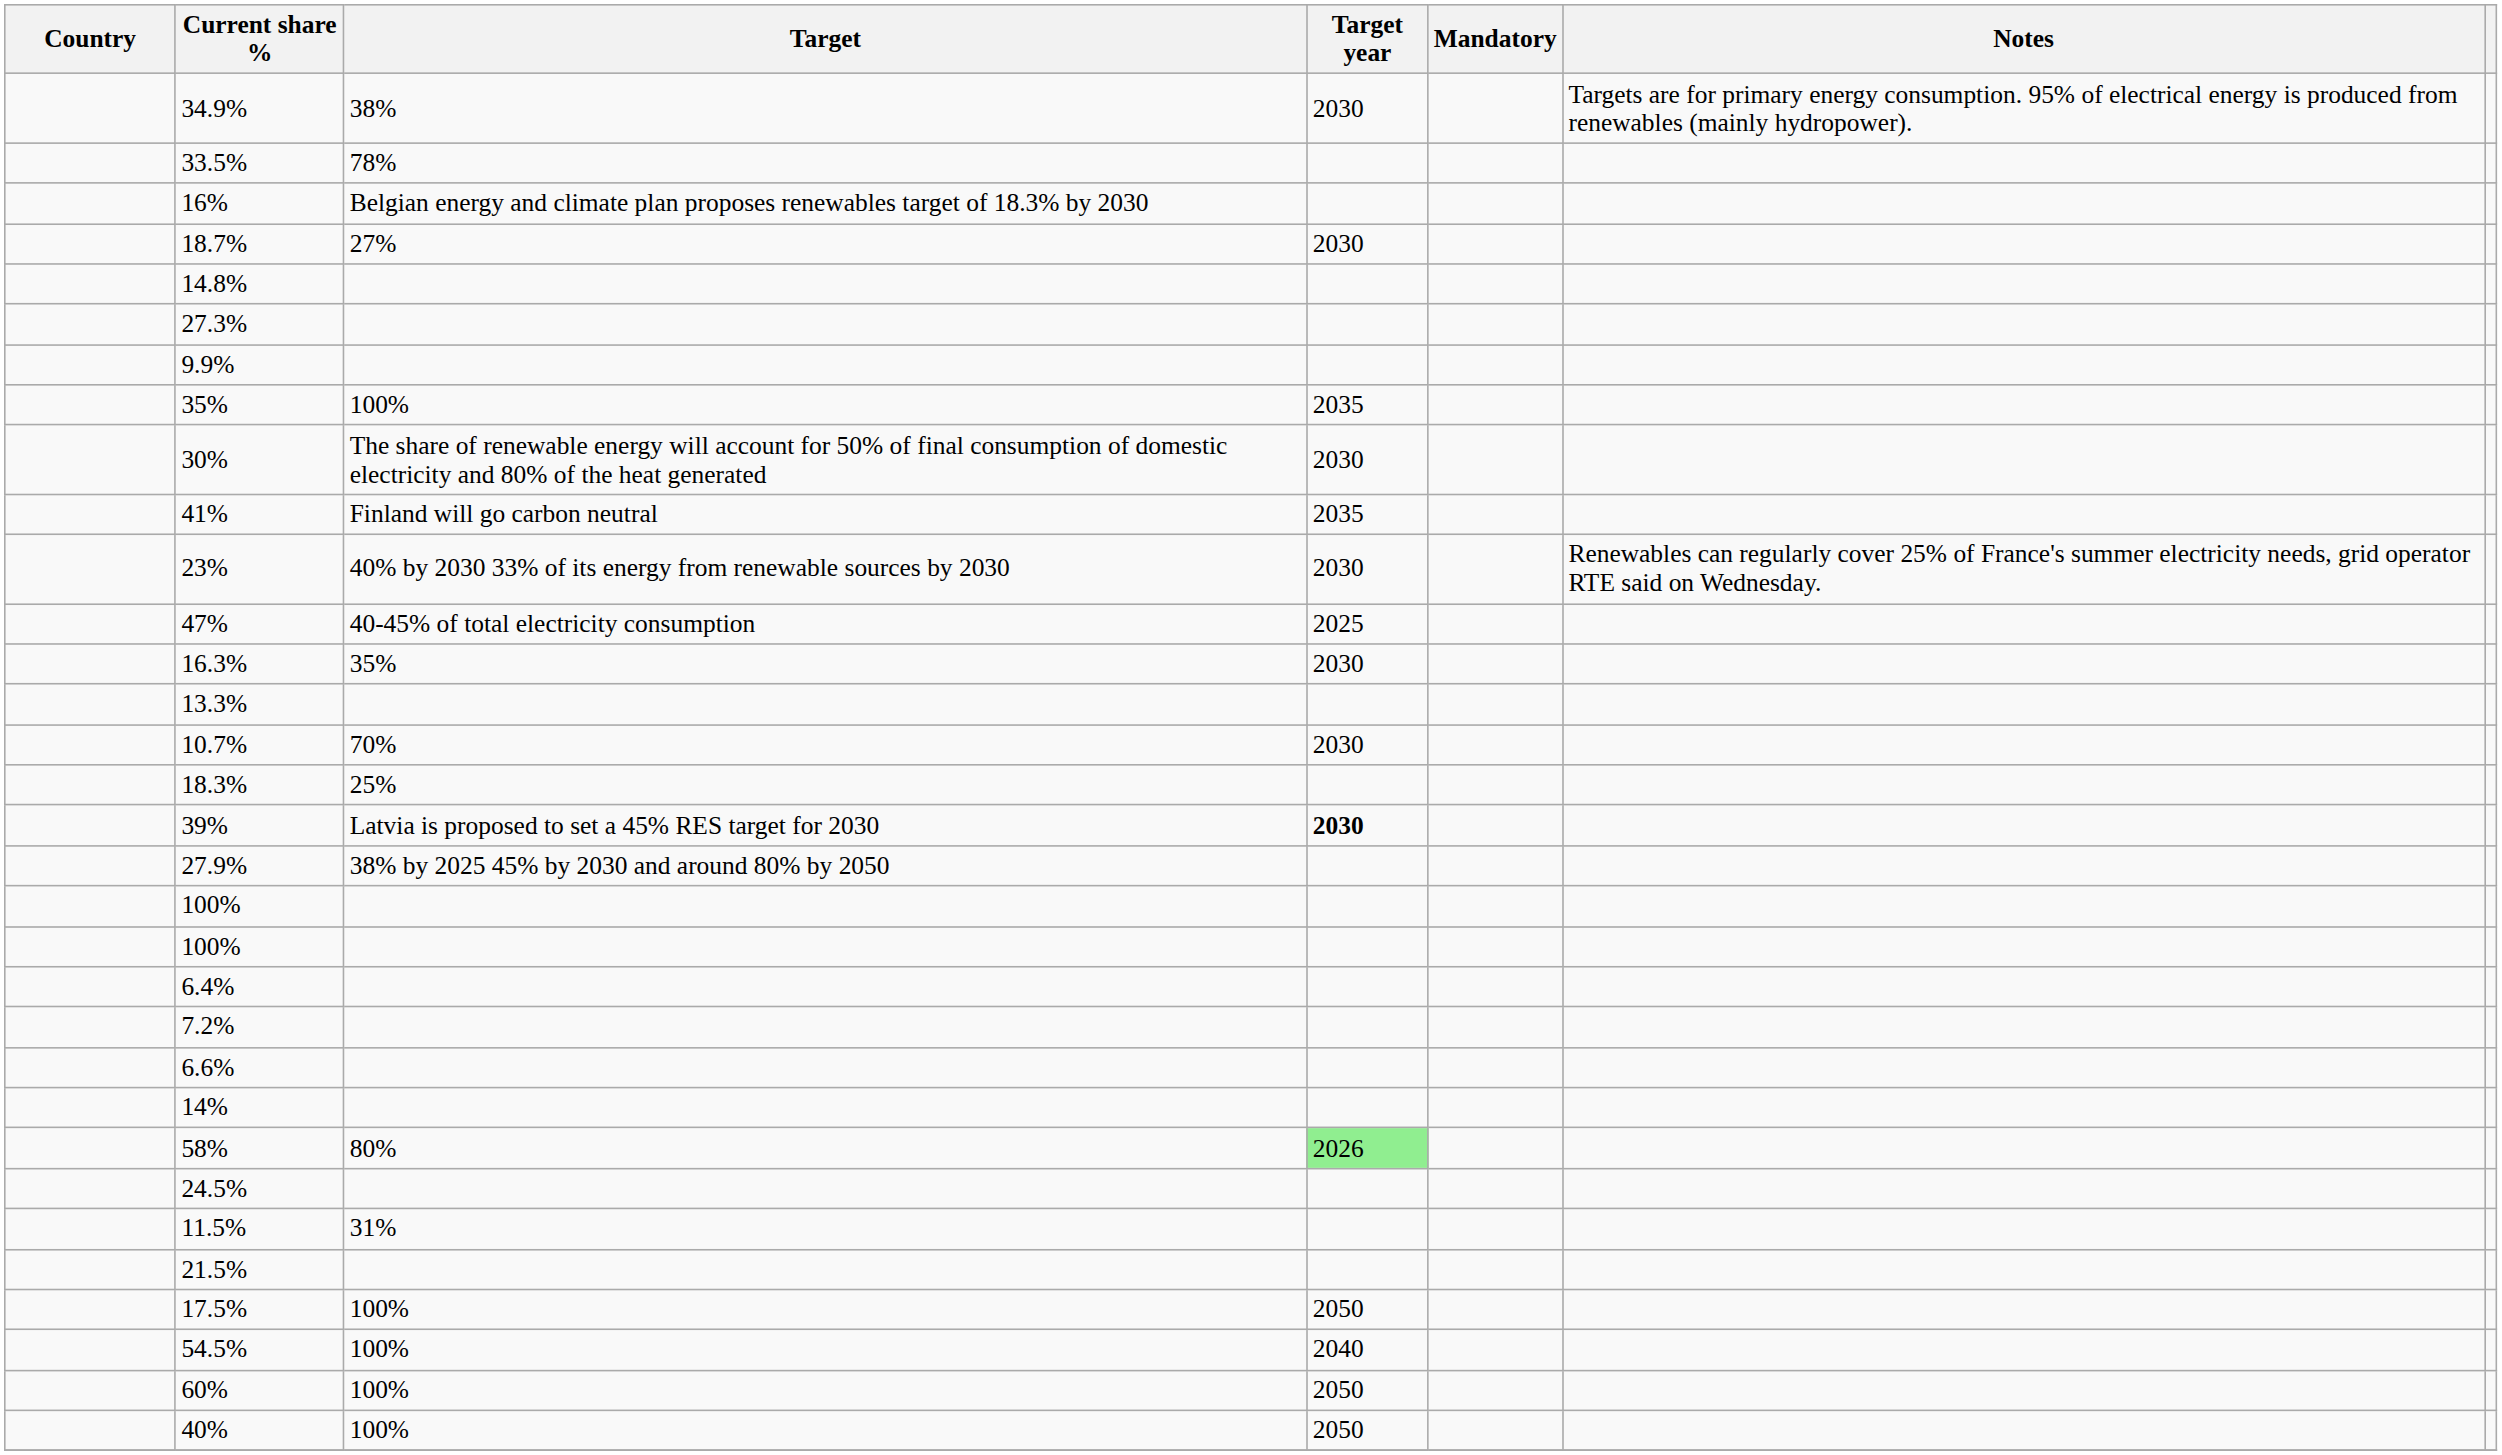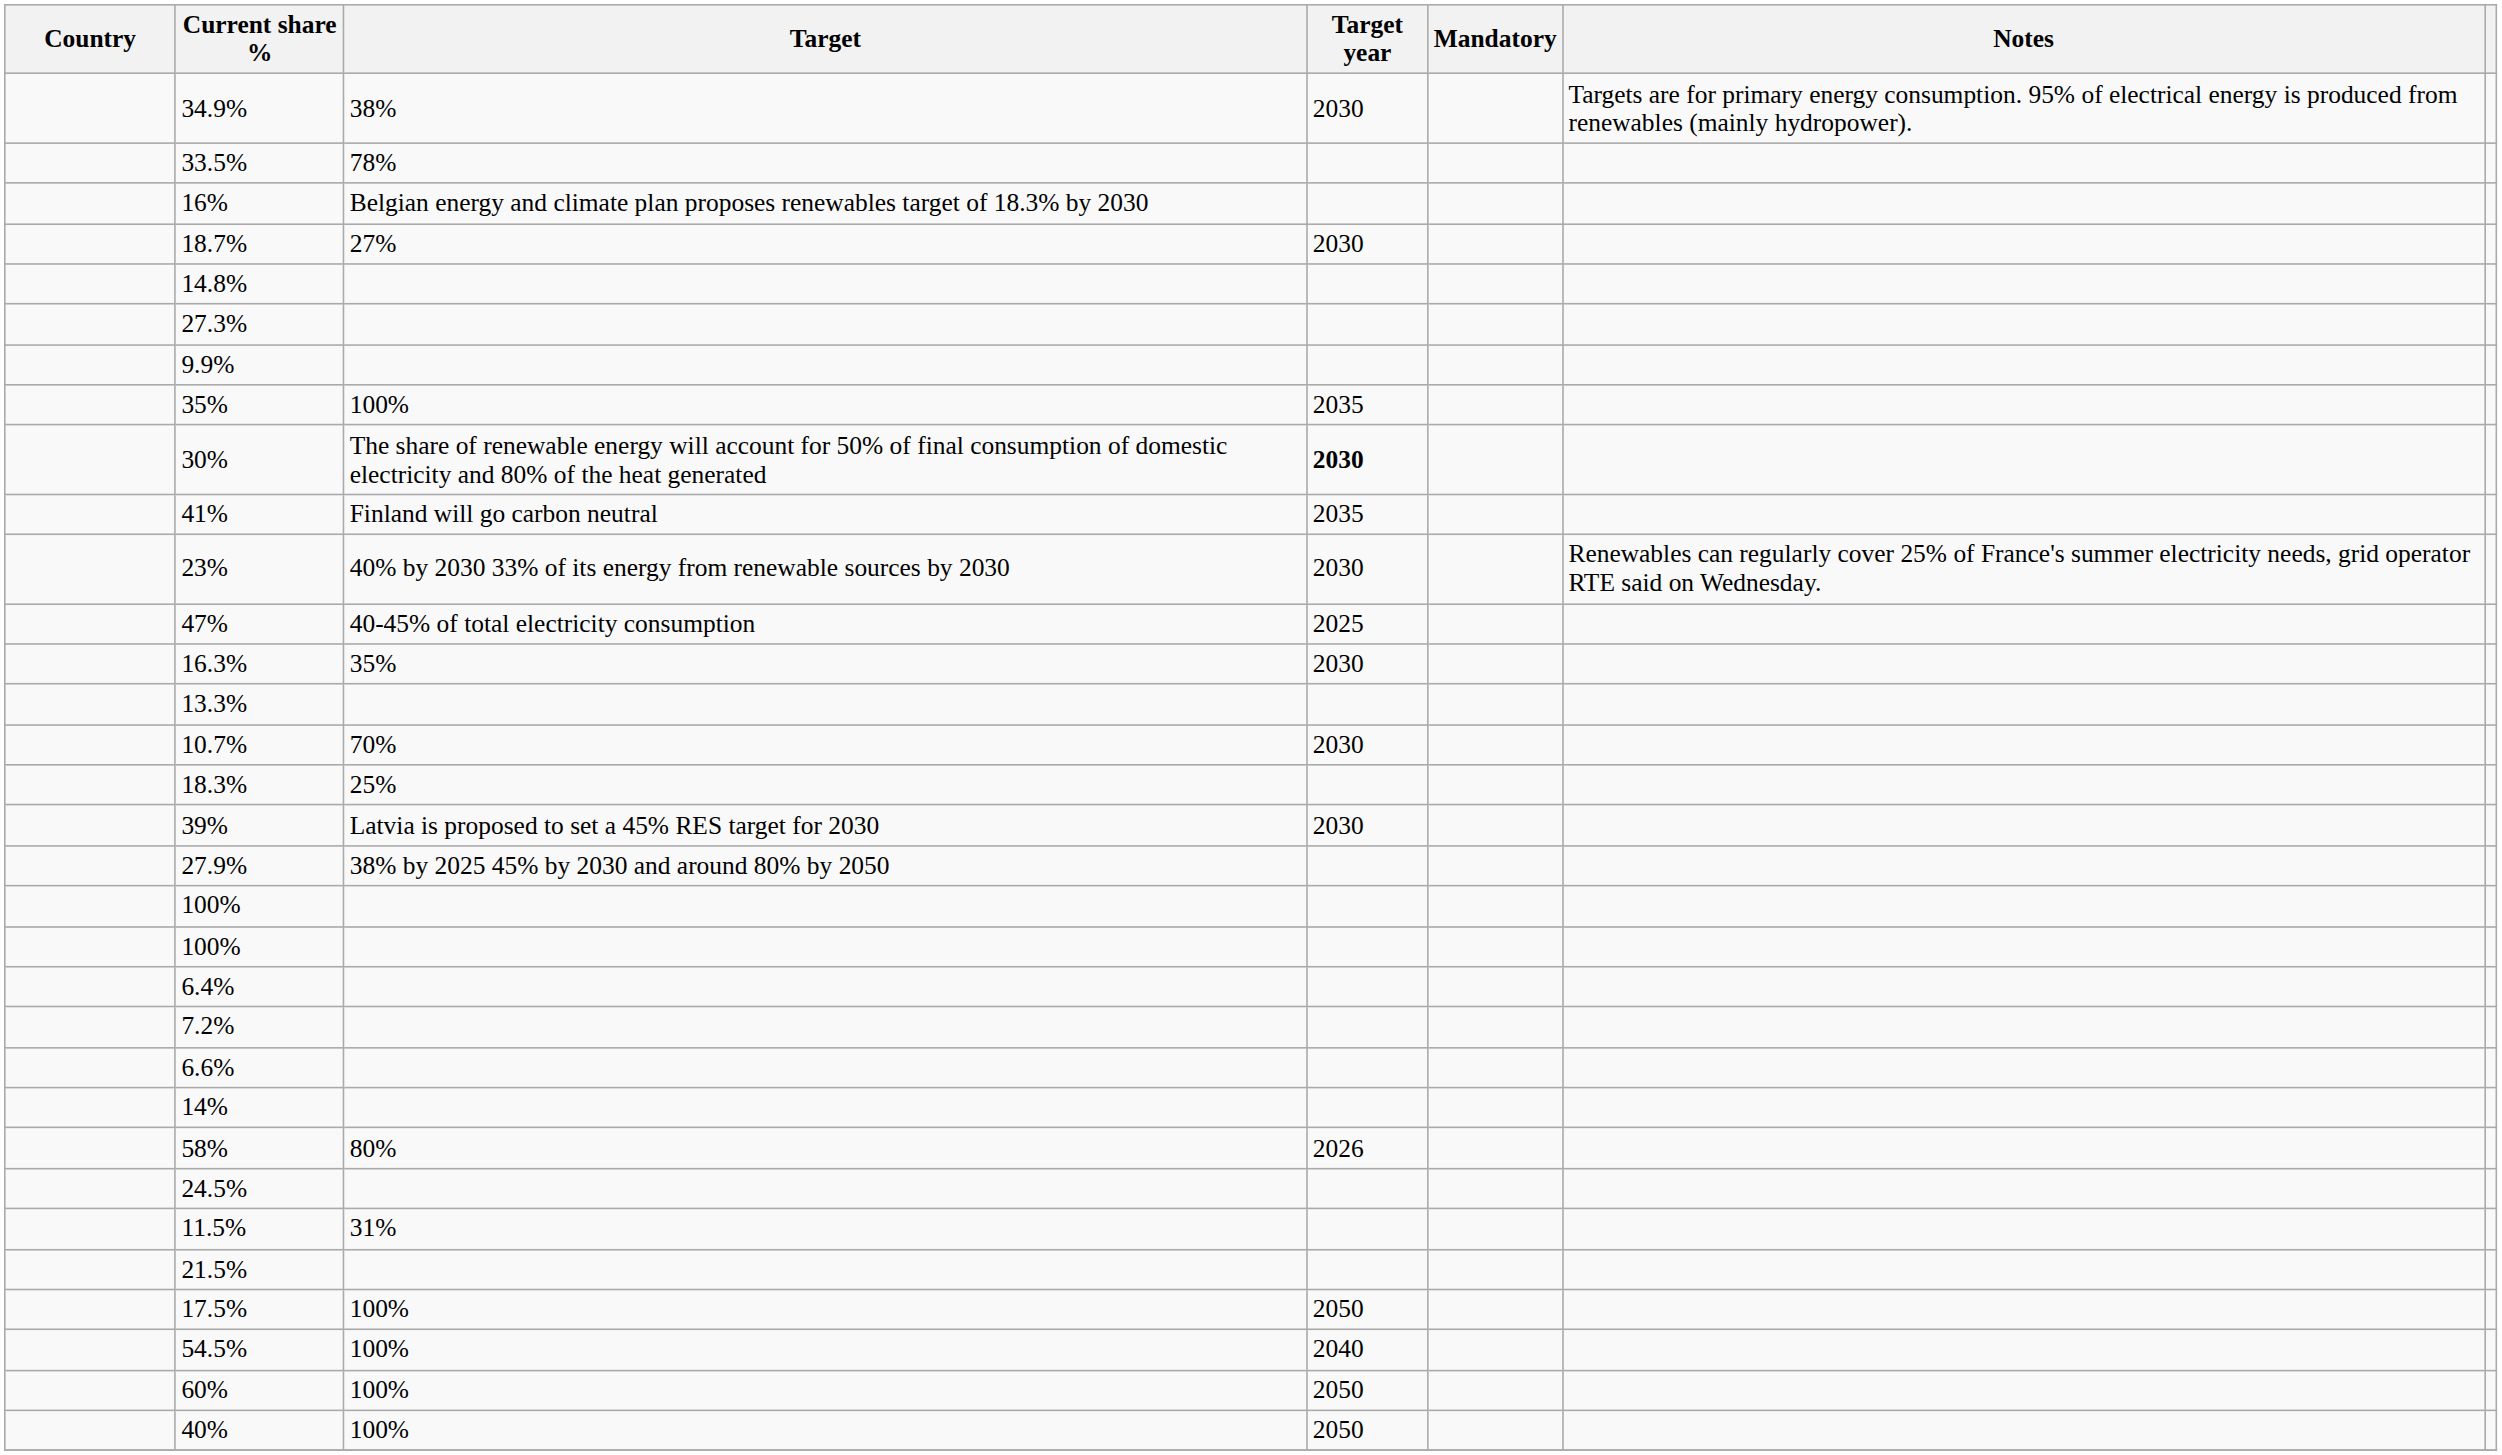 <table class="wikitable sortable">
 <tr>
 <th width="100">Country</th>
 <th>Current share %</th>
 <th>Target</th>
 <th>Target year</th>
 <th>Mandatory</th>
 <th>Notes</th>
 <th></th>
 </tr>
 <tr>
 <td></td>
 <td>34.9%</td>
 <td>38%</td>
 <td>2030</td>
 <td></td>
 <td>Targets are for primary energy consumption. 95% of electrical energy is produced from renewables (mainly hydropower).</td>
 <td></td>
 </tr>
 <tr>
 <td></td>
 <td>33.5%</td>
 <td>78%</td>
 <td></td>
 <td></td>
 <td></td>
 <td></td>
 </tr>
 <tr>
 <td></td>
 <td>16%</td>
 <td>Belgian energy and climate plan proposes renewables target of 18.3% by 2030</td>
 <td></td>
 <td></td>
 <td></td>
 <td></td>
 </tr>
 <tr>
 <td></td>
 <td>18.7%</td>
 <td>27%</td>
 <td>2030</td>
 <td></td>
 <td></td>
 <td></td>
 </tr>
 <tr>
 <td></td>
 <td>14.8%</td>
 <td></td>
 <td></td>
 <td></td>
 <td></td>
 <td></td>
 </tr>
 <tr>
 <td></td>
 <td>27.3%</td>
 <td></td>
 <td></td>
 <td></td>
 <td></td>
 <td></td>
 </tr>
 <tr>
 <td></td>
 <td>9.9%</td>
 <td></td>
 <td></td>
 <td></td>
 <td></td>
 <td></td>
 </tr>
 <tr>
 <td></td>
 <td>35%</td>
 <td>100%</td>
 <td>2035</td>
 <td></td>
 <td></td>
 <td></td>
 </tr>
 <tr>
 <td></td>
 <td>30%</td>
 <td>The share of renewable energy will account for 50% of final consumption of domestic electricity and 80% of the heat generated</td>
-<td>2030</td>
+<td><strong>2030</strong></td>
 <td></td>
 <td></td>
 <td></td>
 </tr>
 <tr>
 <td></td>
 <td>41%</td>
 <td>Finland will go carbon neutral</td>
 <td>2035</td>
 <td></td>
 <td></td>
 <td></td>
 </tr>
 <tr>
 <td></td>
 <td>23%</td>
 <td>40% by 2030 33% of its energy from renewable sources by 2030</td>
 <td>2030</td>
 <td></td>
 <td>Renewables can regularly cover 25% of France's summer electricity needs, grid operator RTE said on Wednesday.</td>
 <td></td>
 </tr>
 <tr>
 <td></td>
 <td>47%</td>
 <td>40-45% of total electricity consumption</td>
 <td>2025</td>
 <td></td>
 <td></td>
 <td></td>
 </tr>
 <tr>
 <td></td>
 <td>16.3%</td>
 <td>35%</td>
 <td>2030</td>
 <td></td>
 <td></td>
 <td></td>
 </tr>
 <tr>
 <td></td>
 <td>13.3%</td>
 <td></td>
 <td></td>
 <td></td>
 <td></td>
 <td></td>
 </tr>
 <tr>
 <td></td>
 <td>10.7%</td>
 <td>70%</td>
 <td>2030</td>
 <td></td>
 <td></td>
 <td></td>
 </tr>
 <tr>
 <td></td>
 <td>18.3%</td>
 <td>25%</td>
 <td></td>
 <td></td>
 <td></td>
 <td></td>
 </tr>
 <tr>
 <td></td>
 <td>39%</td>
 <td>Latvia is proposed to set a 45% RES target for 2030</td>
-<td><strong>2030</strong></td>
+<td>2030</td>
 <td></td>
 <td></td>
 <td></td>
 </tr>
 <tr>
 <td></td>
 <td>27.9%</td>
 <td>38% by 2025 45% by 2030 and around 80% by 2050</td>
 <td></td>
 <td></td>
 <td></td>
 <td></td>
 </tr>
 <tr>
 <td></td>
 <td>100%</td>
 <td></td>
 <td></td>
 <td></td>
 <td></td>
 <td></td>
 </tr>
 <tr>
 <td></td>
 <td>100%</td>
 <td></td>
 <td></td>
 <td></td>
 <td></td>
 <td></td>
 </tr>
 <tr>
 <td></td>
 <td>6.4%</td>
 <td></td>
 <td></td>
 <td></td>
 <td></td>
 <td></td>
 </tr>
 <tr>
 <td></td>
 <td>7.2%</td>
 <td></td>
 <td></td>
 <td></td>
 <td></td>
 <td></td>
 </tr>
 <tr>
 <td></td>
 <td>6.6%</td>
 <td></td>
 <td></td>
 <td></td>
 <td></td>
 <td></td>
 </tr>
 <tr>
 <td></td>
 <td>14%</td>
 <td></td>
 <td></td>
 <td></td>
 <td></td>
 <td></td>
 </tr>
 <tr>
 <td></td>
 <td>58%</td>
 <td>80%</td>
-<td style="background: lightgreen;">2026</td>
+<td>2026</td>
 <td></td>
 <td></td>
 <td></td>
 </tr>
 <tr>
 <td></td>
 <td>24.5%</td>
 <td></td>
 <td></td>
 <td></td>
 <td></td>
 <td></td>
 </tr>
 <tr>
 <td></td>
 <td>11.5%</td>
 <td>31%</td>
 <td></td>
 <td></td>
 <td></td>
 <td></td>
 </tr>
 <tr>
 <td></td>
 <td>21.5%</td>
 <td></td>
 <td></td>
 <td></td>
 <td></td>
 <td></td>
 </tr>
 <tr>
 <td></td>
 <td>17.5%</td>
 <td>100%</td>
 <td>2050</td>
 <td></td>
 <td></td>
 <td></td>
 </tr>
 <tr>
 <td></td>
 <td>54.5%</td>
 <td>100%</td>
 <td>2040</td>
 <td></td>
 <td></td>
 <td></td>
 </tr>
 <tr>
 <td></td>
 <td>60%</td>
 <td>100%</td>
 <td>2050</td>
 <td></td>
 <td></td>
 <td></td>
 </tr>
 <tr>
 <td></td>
 <td>40%</td>
 <td>100%</td>
 <td>2050</td>
 <td></td>
 <td></td>
 <td></td>
 </tr>
 <tr>
 </tr>
 </table>
